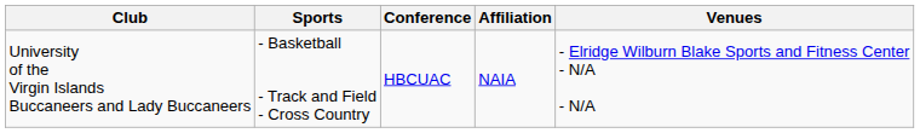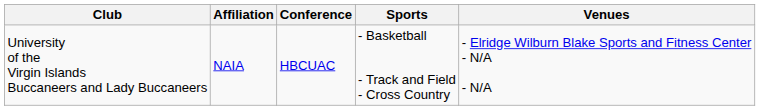 <table class="wikitable">
 <tr>
 <th>Club</th>
+<th>Affiliation</th>
+<th>Conference</th>
 <th>Sports</th>
-<th>Conference</th>
-<th>Affiliation</th>
 <th>Venues</th>
 </tr>
 <tr>
 <td>University <br>of the <br>Virgin Islands <br>Buccaneers and Lady Buccaneers</td>
+<td><a href='#'>NAIA</a></td>
+<td><a href='#'>HBCUAC</a></td>
 <td>- Basketball <br><br><br> - Track and Field <br> - Cross Country</td>
-<td><a href='#'>HBCUAC</a></td>
-<td><a href='#'>NAIA</a></td>
 <td>- <a href='#'>Elridge Wilburn Blake Sports and Fitness Center</a><br> - N/A<br> <br> - N/A</td>
 </tr>
 </table>
